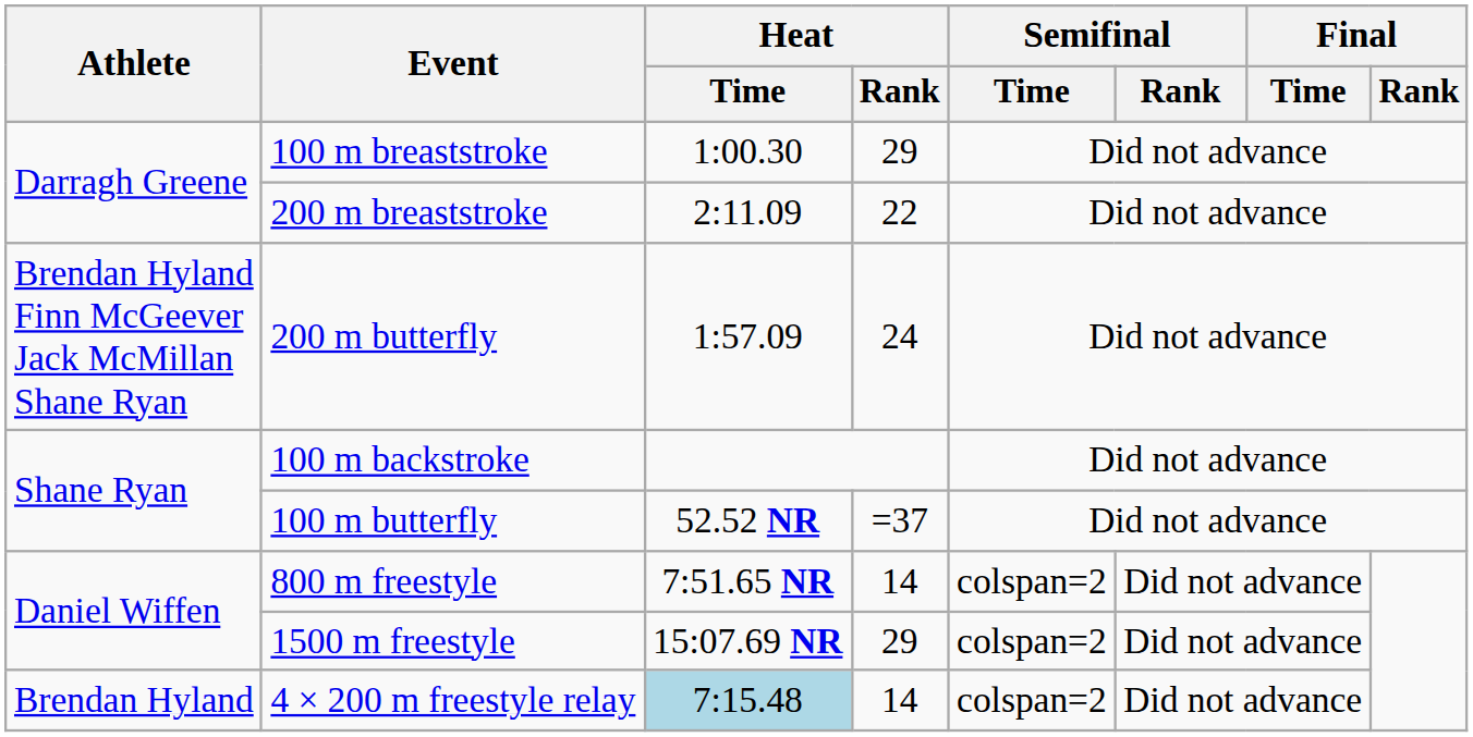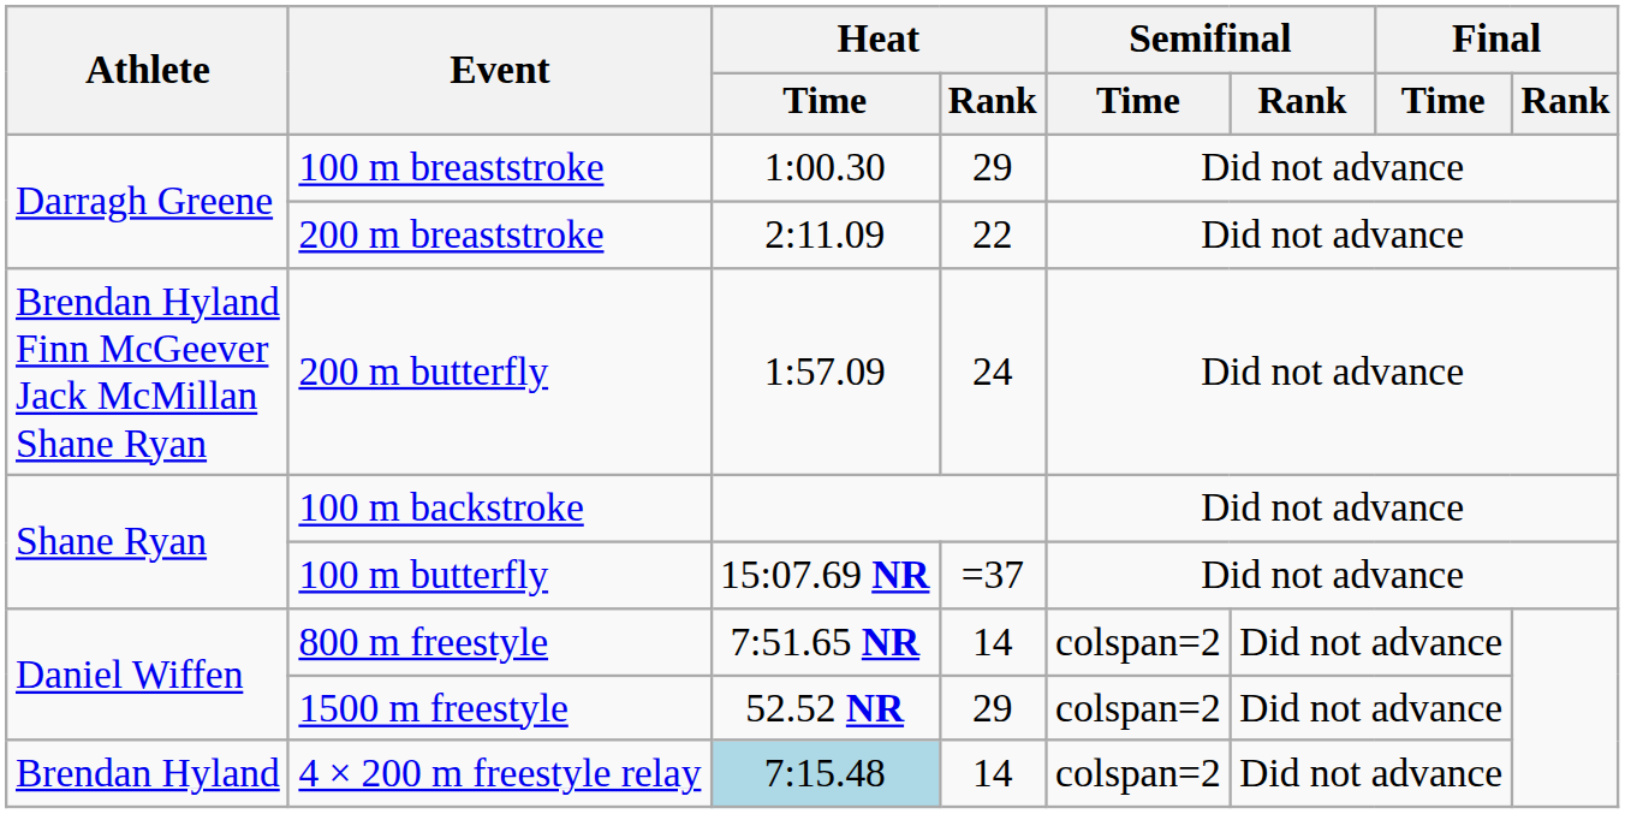 <table class=wikitable style="font-size:90%">
 <tr>
 <th rowspan="2">Athlete</th>
 <th rowspan="2">Event</th>
 <th colspan="2">Heat</th>
 <th colspan="2">Semifinal</th>
 <th colspan="2">Final</th>
 </tr>
 <tr style="font-size:95%">
 <th>Time</th>
 <th>Rank</th>
 <th>Time</th>
 <th>Rank</th>
 <th>Time</th>
 <th>Rank</th>
 </tr>
 <tr align=center>
 <td align=left rowspan=2><a href='#'>Darragh Greene</a></td>
 <td align=left><a href='#'>100 m breaststroke</a></td>
 <td>1:00.30</td>
 <td>29</td>
 <td colspan="4">Did not advance</td>
 </tr>
 <tr align=center>
 <td align=left><a href='#'>200 m breaststroke</a></td>
 <td>2:11.09</td>
 <td>22</td>
 <td colspan="4">Did not advance</td>
 </tr>
 <tr align=center>
 <td align=left><a href='#'>Brendan Hyland</a><br><a href='#'>Finn McGeever</a><br><a href='#'>Jack McMillan</a><br><a href='#'>Shane Ryan</a></td>
 <td align=left><a href='#'>200 m butterfly</a></td>
 <td>1:57.09</td>
 <td>24</td>
 <td colspan="4">Did not advance</td>
 </tr>
 <tr align=center>
 <td align=left rowspan=2><a href='#'>Shane Ryan</a></td>
 <td align=left><a href='#'>100 m backstroke</a></td>
 <td colspan=2></td>
 <td colspan=4>Did not advance</td>
 </tr>
 <tr align=center>
 <td align=left><a href='#'>100 m butterfly</a></td>
-<td>52.52 <strong><a href='#'>NR</a></strong></td>
+<td>15:07.69 <strong><a href='#'>NR</a></strong></td>
 <td>=37</td>
 <td colspan="4">Did not advance</td>
 </tr>
 <tr align=center>
 <td align=left rowspan=2><a href='#'>Daniel Wiffen</a></td>
 <td align=left><a href='#'>800 m freestyle</a></td>
 <td>7:51.65 <strong><a href='#'>NR</a></strong></td>
 <td>14</td>
 <td>colspan=2 </td>
 <td colspan="2">Did not advance</td>
 </tr>
 <tr align=center>
 <td align=left><a href='#'>1500 m freestyle</a></td>
-<td>15:07.69 <strong><a href='#'>NR</a></strong></td>
+<td>52.52 <strong><a href='#'>NR</a></strong></td>
 <td>29</td>
 <td>colspan=2 </td>
 <td colspan="2">Did not advance</td>
 </tr>
 <tr align=center>
 <td align=left><a href='#'>Brendan Hyland</a></td>
 <td align=left><a href='#'>4 × 200 m freestyle relay</a></td>
 <td style="background: lightblue;">7:15.48</td>
 <td>14</td>
 <td>colspan=2 </td>
 <td colspan="2">Did not advance</td>
 </tr>
 </table>
